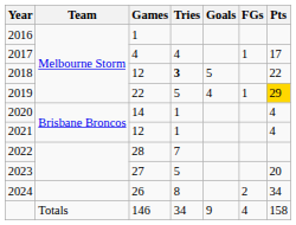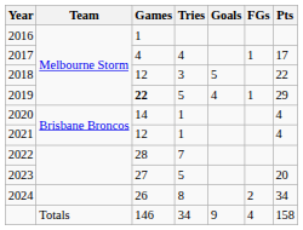 <table class="wikitable">
 <tr>
 <th>Year</th>
 <th>Team</th>
 <th>Games</th>
 <th>Tries</th>
 <th>Goals</th>
 <th>FGs</th>
 <th>Pts</th>
 </tr>
 <tr>
 <td>2016</td>
 <td rowspan="4"> <a href='#'>Melbourne Storm</a></td>
 <td>1</td>
 <td></td>
 <td></td>
 <td></td>
 <td></td>
 </tr>
 <tr>
 <td>2017</td>
 <td>4</td>
 <td>4</td>
 <td></td>
 <td>1</td>
 <td>17</td>
 </tr>
 <tr>
 <td>2018</td>
 <td>12</td>
-<td><strong>3</strong></td>
+<td>3</td>
 <td>5</td>
 <td></td>
 <td>22</td>
 </tr>
 <tr>
 <td>2019</td>
-<td>22</td>
+<td><strong>22</strong></td>
 <td>5</td>
 <td>4</td>
 <td>1</td>
-<td style="background: gold;">29</td>
+<td>29</td>
 </tr>
 <tr>
 <td>2020</td>
 <td rowspan="2"> <a href='#'>Brisbane Broncos</a></td>
 <td>14</td>
 <td>1</td>
 <td></td>
 <td></td>
 <td>4</td>
 </tr>
 <tr>
 <td>2021</td>
 <td>12</td>
 <td>1</td>
 <td></td>
 <td></td>
 <td>4</td>
 </tr>
 <tr>
 <td>2022</td>
 <td rowspan="2"></td>
 <td>28</td>
 <td>7</td>
 <td></td>
 <td></td>
 <td></td>
 </tr>
 <tr>
 <td>2023</td>
 <td>27</td>
 <td>5</td>
 <td></td>
 <td></td>
 <td>20</td>
 </tr>
 <tr>
 <td>2024</td>
 <td></td>
 <td>26</td>
 <td>8</td>
 <td></td>
 <td>2</td>
 <td>34</td>
 </tr>
 <tr>
 <td></td>
 <td>Totals</td>
 <td>146</td>
 <td>34</td>
 <td>9</td>
 <td>4</td>
 <td>158</td>
 </tr>
 </table>
